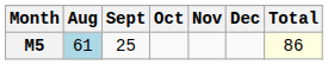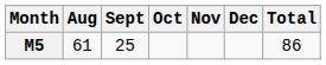 <table class="wikitable">
 <tr style="vertical-align:top; text-align:center;">
 </tr>
 <tr style="vertical-align:top; text-align:center;">
 <th>Month</th>
 <th>Aug</th>
 <th>Sept</th>
 <th>Oct</th>
 <th>Nov</th>
 <th>Dec</th>
 <th>Total</th>
 </tr>
 <tr style="vertical-align:top; text-align:center;">
 <th>M5</th>
-<td style="background: lightblue;">61</td>
+<td>61</td>
 <td>25</td>
 <td></td>
 <td></td>
 <td></td>
-<td style="background: lightyellow;">86</td>
+<td>86</td>
 </tr>
 </table>
